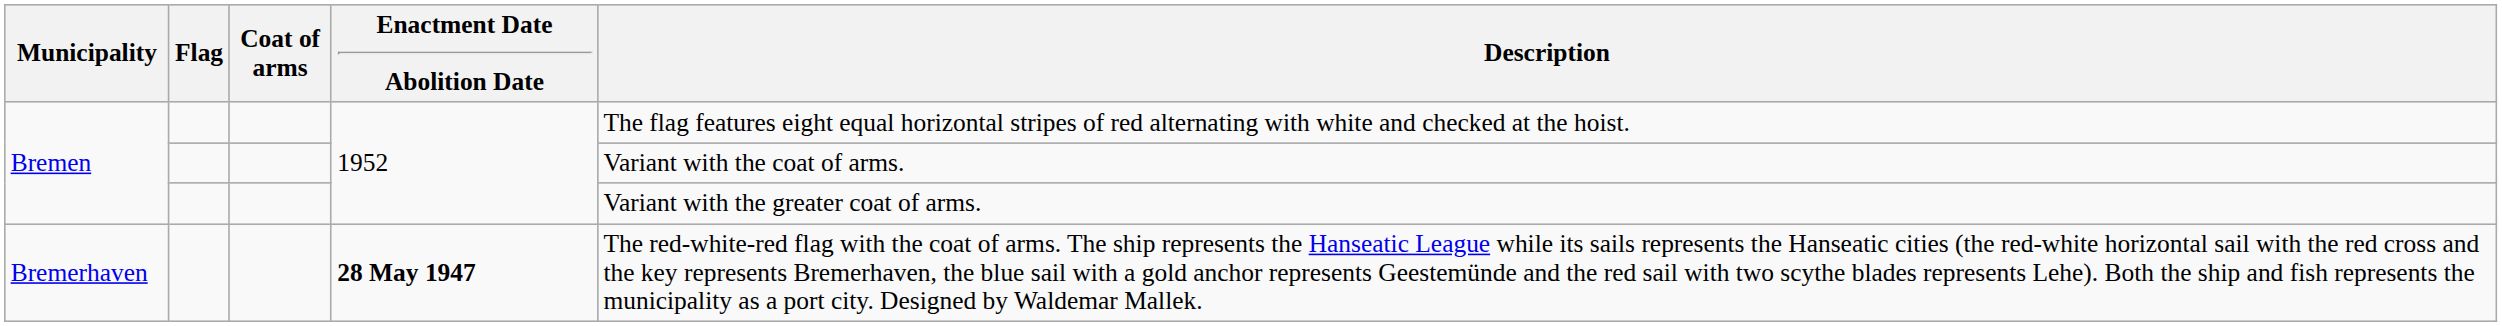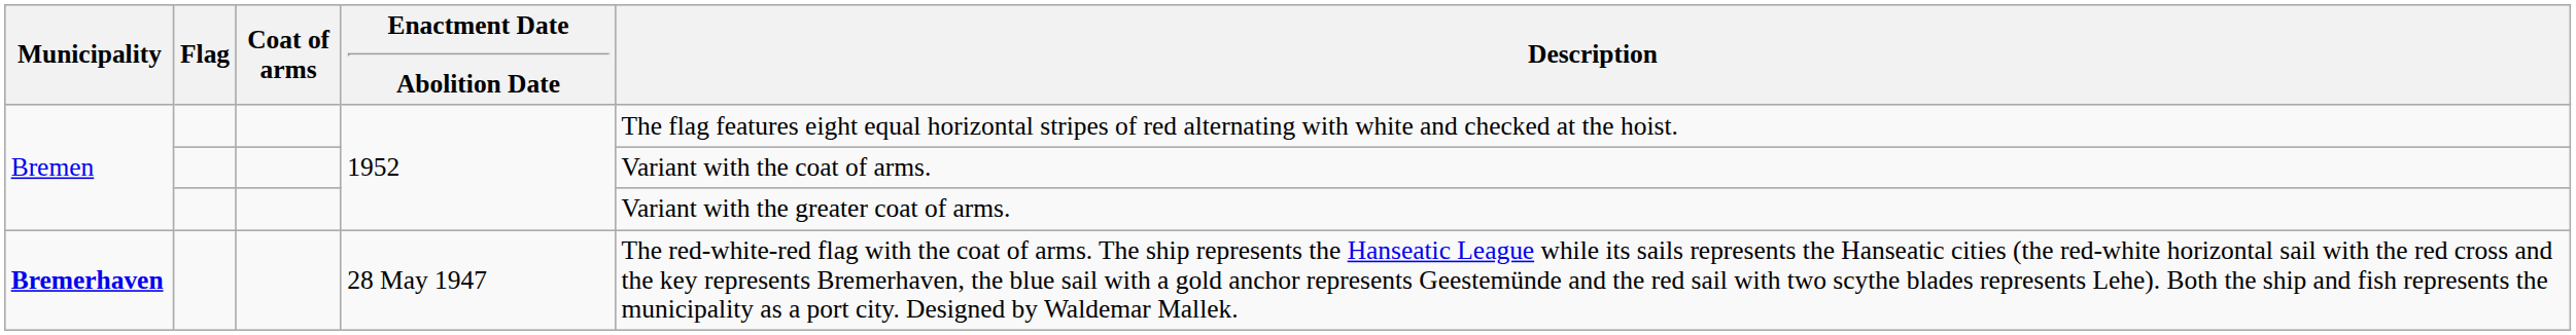 <table class="wikitable">
 <tr>
 <th style="width:12ch;">Municipality</th>
 <th>Flag</th>
 <th>Coat of arms</th>
 <th style="width:20ch;">Enactment Date<hr>Abolition Date</th>
 <th>Description</th>
 </tr>
 <tr>
 <td rowspan="3"><a href='#'>Bremen</a></td>
 <td></td>
 <td></td>
 <td rowspan="3">1952</td>
 <td> The flag features eight equal horizontal stripes of red alternating with white and checked at the hoist.</td>
 </tr>
 <tr>
 <td></td>
 <td></td>
 <td>Variant with the coat of arms.</td>
 </tr>
 <tr>
 <td></td>
 <td></td>
 <td>Variant with the greater coat of arms.</td>
 </tr>
 <tr>
-<td><a href='#'>Bremerhaven</a></td>
+<td><strong><a href='#'>Bremerhaven</a></strong></td>
 <td></td>
 <td></td>
-<td><strong>28 May 1947</strong></td>
+<td>28 May 1947</td>
 <td>The red-white-red flag with the coat of arms. The ship represents the <a href='#'>Hanseatic League</a> while its sails represents the Hanseatic cities (the red-white horizontal sail with the red cross and the key represents Bremerhaven, the blue sail with a gold anchor represents Geestemünde and the red sail with two scythe blades represents Lehe). Both the ship and fish represents the municipality as a port city. Designed by Waldemar Mallek.</td>
 </tr>
 </table>
